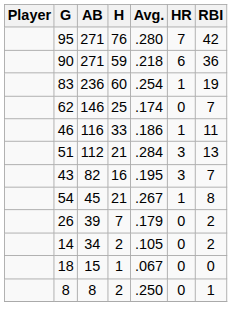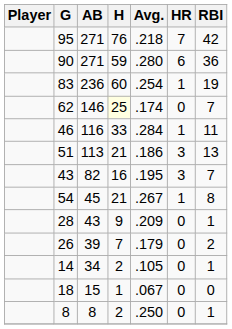 <table class="wikitable sortable">
 <tr>
 <th>Player</th>
 <th>G</th>
 <th>AB</th>
 <th>H</th>
 <th>Avg.</th>
 <th>HR</th>
 <th>RBI</th>
 </tr>
 <tr align="center">
 <td></td>
 <td>95</td>
 <td>271</td>
 <td>76</td>
-<td>.280</td>
+<td>.218</td>
 <td>7</td>
 <td>42</td>
 </tr>
 <tr align="center">
 <td></td>
 <td>90</td>
 <td>271</td>
 <td>59</td>
-<td>.218</td>
+<td>.280</td>
 <td>6</td>
 <td>36</td>
 </tr>
 <tr align="center">
 <td></td>
 <td>83</td>
 <td>236</td>
 <td>60</td>
 <td>.254</td>
 <td>1</td>
 <td>19</td>
 </tr>
 <tr align="center">
 <td></td>
 <td>62</td>
 <td>146</td>
-<td>25</td>
+<td style="background: lightyellow;">25</td>
 <td>.174</td>
 <td>0</td>
 <td>7</td>
 </tr>
 <tr align="center">
 <td></td>
 <td>46</td>
 <td>116</td>
 <td>33</td>
-<td>.186</td>
+<td>.284</td>
 <td>1</td>
 <td>11</td>
 </tr>
 <tr align="center">
 <td></td>
 <td>51</td>
-<td>112</td>
+<td>113</td>
 <td>21</td>
-<td>.284</td>
+<td>.186</td>
 <td>3</td>
 <td>13</td>
 </tr>
 <tr align="center">
 <td></td>
 <td>43</td>
 <td>82</td>
 <td>16</td>
 <td>.195</td>
 <td>3</td>
 <td>7</td>
 </tr>
 <tr align="center">
 <td></td>
 <td>54</td>
 <td>45</td>
 <td>21</td>
 <td>.267</td>
 <td>1</td>
 <td>8</td>
 </tr>
 <tr align="center">
 <td></td>
+<td>28</td>
+<td>43</td>
+<td>9</td>
+<td>.209</td>
+<td>0</td>
+<td>1</td>
+</tr>
+<tr align="center">
+<td></td>
 <td>26</td>
 <td>39</td>
 <td>7</td>
 <td>.179</td>
 <td>0</td>
 <td>2</td>
 </tr>
 <tr align="center">
 <td></td>
 <td>14</td>
 <td>34</td>
 <td>2</td>
 <td>.105</td>
 <td>0</td>
-<td>2</td>
+<td>1</td>
 </tr>
 <tr align="center">
 <td></td>
 <td>18</td>
 <td>15</td>
 <td>1</td>
 <td>.067</td>
 <td>0</td>
 <td>0</td>
 </tr>
 <tr align="center">
 <td></td>
 <td>8</td>
 <td>8</td>
 <td>2</td>
 <td>.250</td>
 <td>0</td>
 <td>1</td>
 </tr>
 <tr align="center">
 </tr>
 </table>
